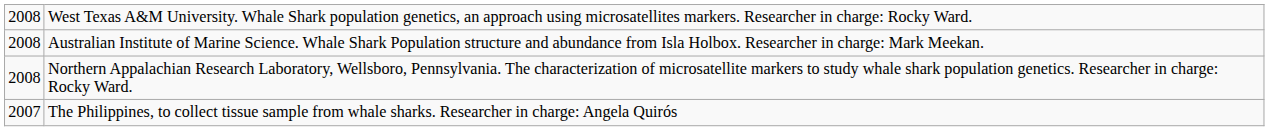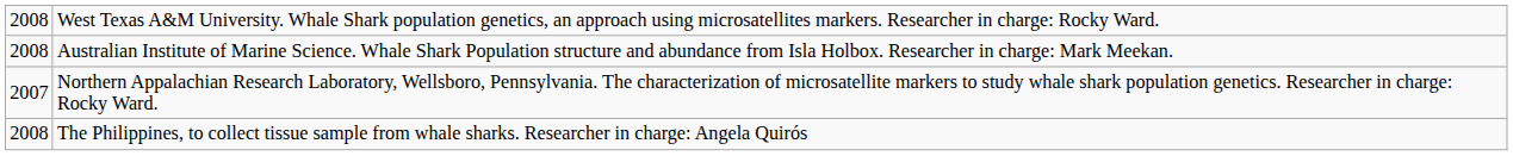 <table class="wikitable">
 <tr>
 <td>2008</td>
 <td>West Texas A&M University.  Whale Shark population genetics, an approach using microsatellites markers.  Researcher in charge: Rocky Ward.</td>
 </tr>
 <tr>
 <td>2008</td>
 <td>Australian Institute of Marine  Science. Whale Shark Population structure and abundance from Isla Holbox.  Researcher in charge: Mark Meekan.</td>
 </tr>
 <tr>
-<td>2008</td>
+<td>2007</td>
 <td>Northern Appalachian Research  Laboratory, Wellsboro, Pennsylvania. The characterization of microsatellite  markers to study whale shark population genetics. Researcher in charge: Rocky  Ward.</td>
 </tr>
 <tr>
-<td>2007</td>
+<td>2008</td>
 <td>The Philippines, to collect tissue  sample from whale sharks. Researcher in charge: Angela Quirós</td>
 </tr>
 </table>
